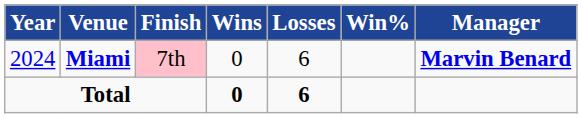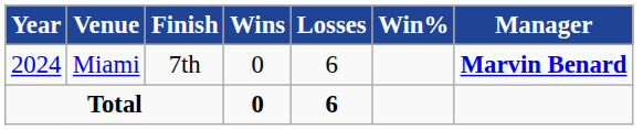 <table class="wikitable sortable plainrowheaders" style="text-align:center;">
 <tr>
 <th scope="col" style="background-color:#1F4495; color:#FFFFFF;">Year</th>
 <th scope="col" style="background-color:#1F4495; color:#FFFFFF;">Venue</th>
 <th scope="col" style="background-color:#1F4495; color:#FFFFFF;">Finish</th>
 <th scope="col" style="background-color:#1F4495; color:#FFFFFF;">Wins</th>
 <th scope="col" style="background-color:#1F4495; color:#FFFFFF;">Losses</th>
 <th scope="col" style="background-color:#1F4495; color:#FFFFFF;">Win%</th>
 <th scope="col" style="background-color:#1F4495; color:#FFFFFF;">Manager</th>
 </tr>
 <tr>
 <td><a href='#'>2024</a></td>
-<td align=left><strong> <a href='#'>Miami</a></strong></td>
-<td style="background: pink;">7th</td>
+<td align=left> <a href='#'>Miami</a></td>
+<td>7th</td>
 <td>0</td>
 <td>6</td>
 <td></td>
 <td align=left><strong> <a href='#'>Marvin Benard</a></strong></td>
 </tr>
 <tr style="text-align:center; ">
 <td colspan="3"><strong>Total</strong></td>
 <td><strong>0</strong></td>
 <td><strong>6</strong></td>
 <td><strong></strong></td>
 <td></td>
 </tr>
 </table>
